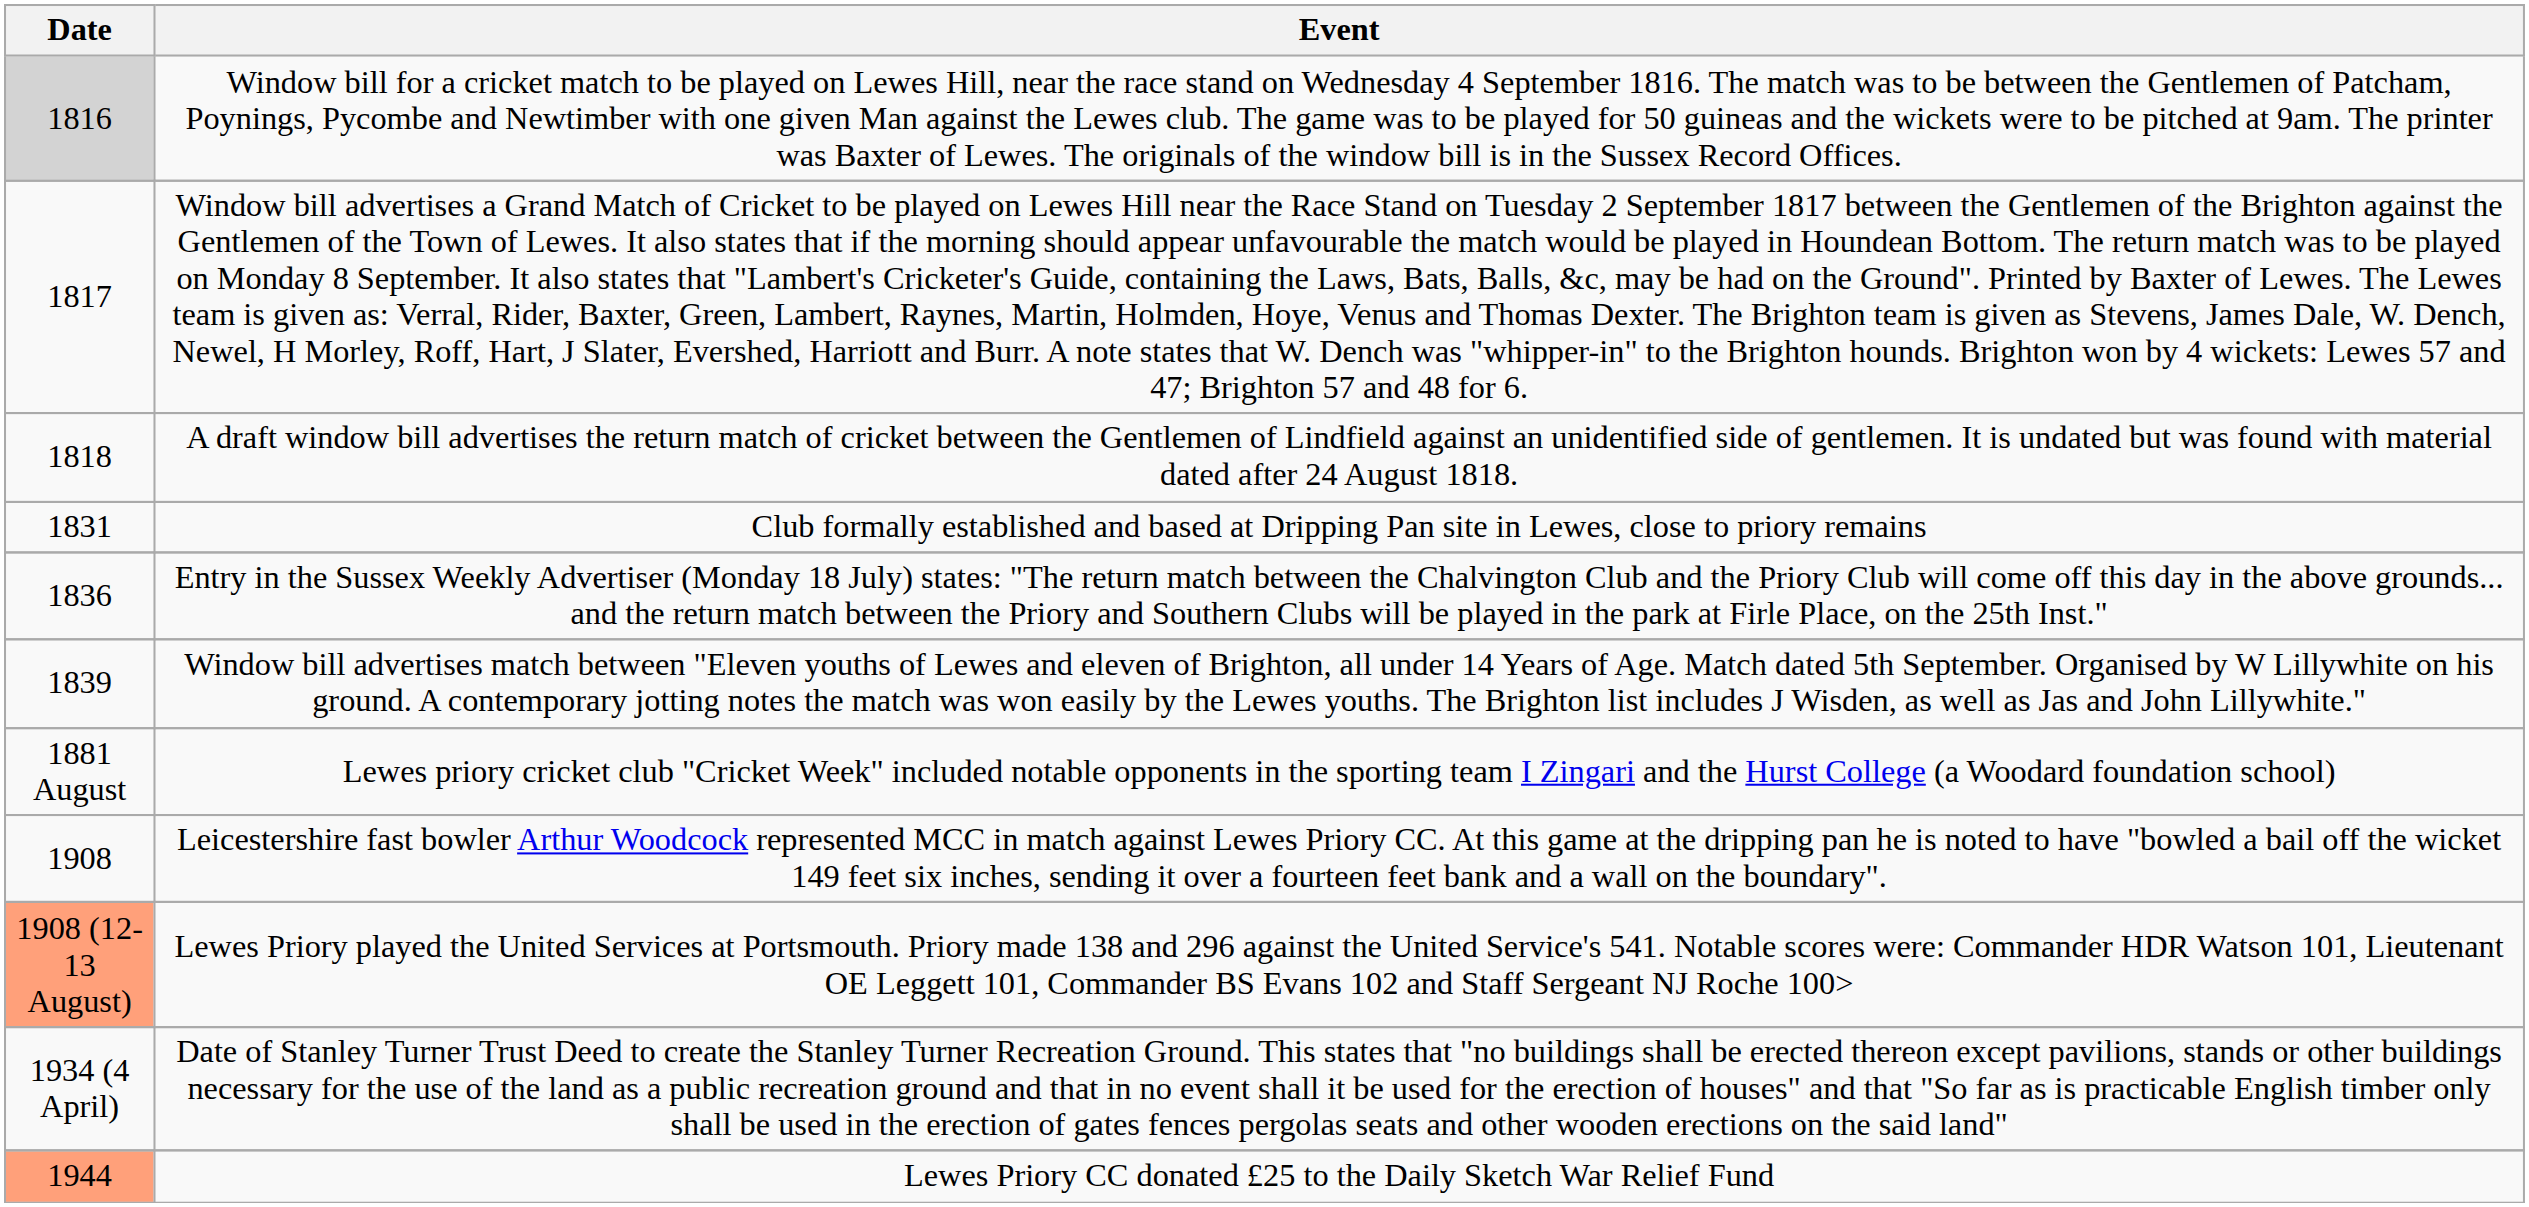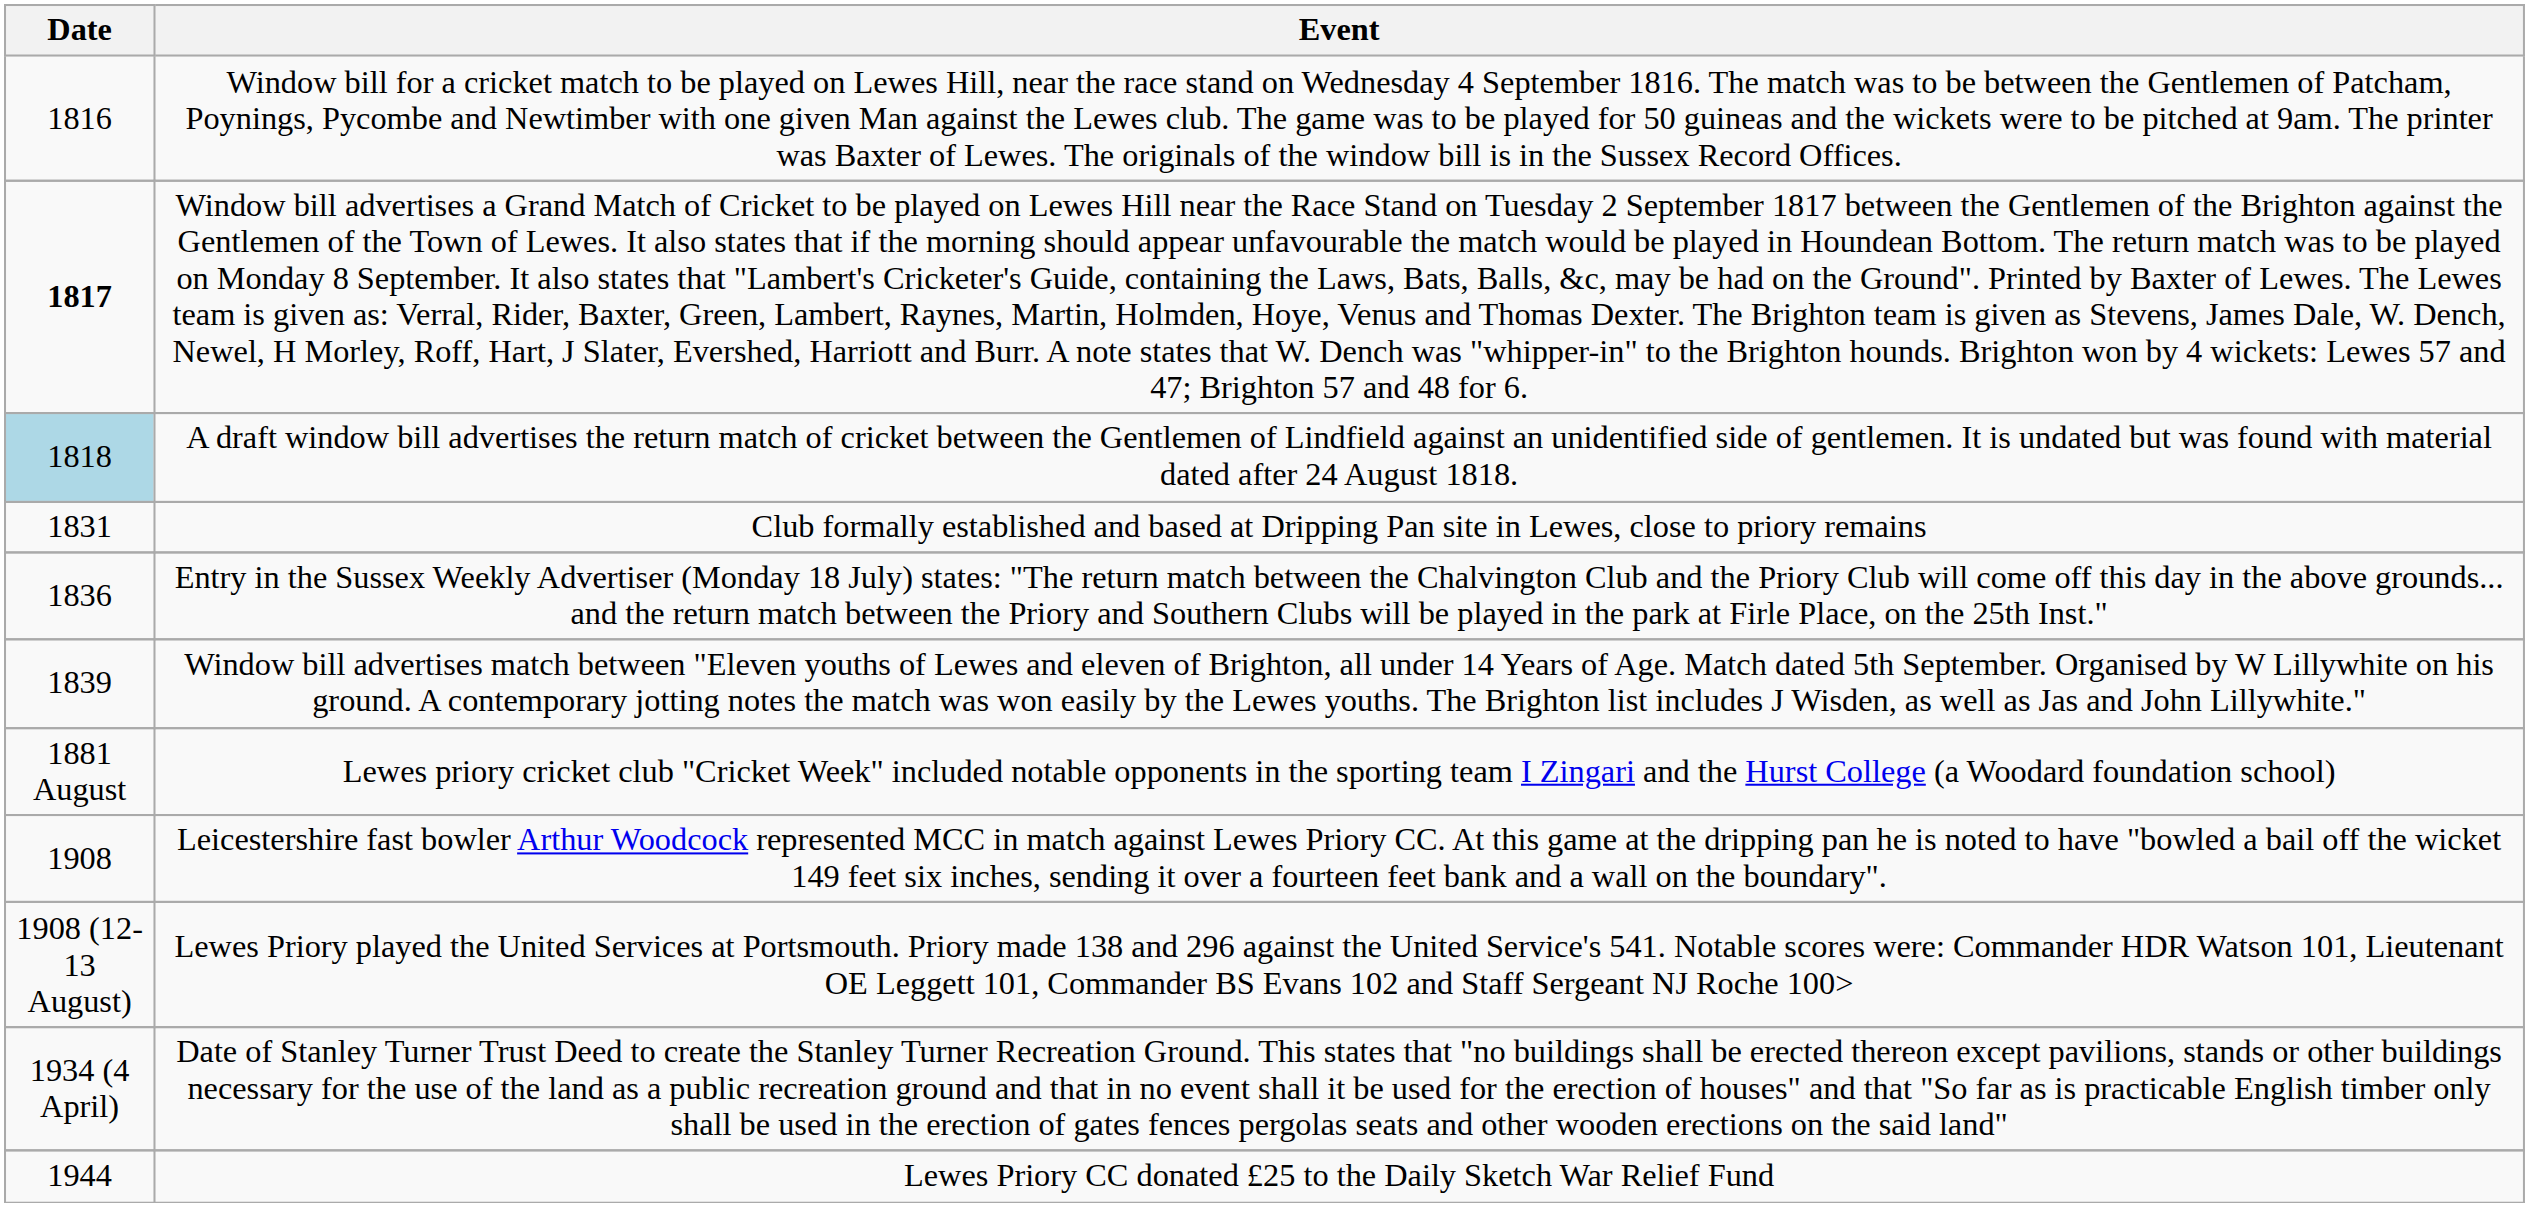 <table class="wikitable" style="text-align:center;">
 <tr>
 <th>Date</th>
 <th>Event</th>
 </tr>
 <tr>
-<td style="background: lightgrey;">1816</td>
+<td>1816</td>
 <td>Window bill for a cricket match to be played on Lewes Hill, near the race stand on Wednesday 4 September 1816.  The match was to be between the Gentlemen of Patcham, Poynings, Pycombe and Newtimber with one given Man against the Lewes club.  The game was to be played for 50 guineas and the wickets were to be pitched at 9am.  The printer was Baxter of Lewes.  The originals of the window bill is in the Sussex Record Offices.</td>
 </tr>
 <tr>
 </tr>
 <tr>
-<td>1817</td>
+<td><strong>1817</strong></td>
 <td>Window bill advertises a Grand Match of Cricket to be played on Lewes Hill near the Race Stand on Tuesday 2 September 1817 between the Gentlemen of the Brighton against the Gentlemen of the Town of Lewes.  It also states that if the morning should appear unfavourable the match would be played in Houndean Bottom.  The return match was to be played on Monday 8 September.  It also states that "Lambert's Cricketer's Guide, containing the Laws, Bats, Balls, &c, may be had on the Ground".  Printed by Baxter of Lewes.  The Lewes team is given as:  Verral, Rider, Baxter, Green, Lambert, Raynes, Martin, Holmden, Hoye, Venus and Thomas Dexter.  The Brighton team is given as Stevens, James Dale, W. Dench, Newel, H Morley, Roff, Hart, J Slater, Evershed, Harriott and Burr.  A note states that W. Dench was "whipper-in" to the Brighton hounds.  Brighton won by 4 wickets:  Lewes 57 and 47; Brighton 57 and 48 for 6.</td>
 </tr>
 <tr>
 </tr>
 <tr>
-<td>1818</td>
+<td style="background: lightblue;">1818</td>
 <td>A draft window bill advertises the return match of cricket between the Gentlemen of Lindfield against an unidentified side of gentlemen.  It is undated but was found with material dated after 24 August 1818.</td>
 </tr>
 <tr>
 </tr>
 <tr>
 <td>1831</td>
 <td>Club formally established and based at Dripping Pan site in Lewes, close to priory remains</td>
 </tr>
 <tr>
 </tr>
 <tr>
 <td>1836</td>
 <td>Entry in the Sussex Weekly Advertiser (Monday 18 July) states:  "The return match between the Chalvington Club and the Priory Club will come off this day in the above grounds... and the return match between the Priory and Southern Clubs will be played in the park at Firle Place, on the 25th Inst."</td>
 </tr>
 <tr>
 </tr>
 <tr>
 <td>1839</td>
 <td>Window bill advertises match between "Eleven youths of Lewes and eleven of Brighton, all under 14 Years of Age.  Match dated 5th September.  Organised by W Lillywhite on his ground.  A contemporary jotting notes the match was won easily by the Lewes youths.  The Brighton list includes J Wisden, as well as Jas and John Lillywhite."</td>
 </tr>
 <tr>
 </tr>
 <tr>
 <td>1881 August</td>
 <td>Lewes priory cricket club "Cricket Week" included notable opponents in the sporting team <a href='#'>I Zingari</a> and the <a href='#'>Hurst College</a> (a Woodard foundation school) </td>
 </tr>
 <tr>
 </tr>
 <tr>
 <td>1908</td>
 <td>Leicestershire fast bowler <a href='#'>Arthur Woodcock</a> represented MCC in match against Lewes Priory CC.  At this game at the dripping pan he is noted to have "bowled a bail off the wicket 149 feet six inches, sending it over a fourteen feet bank and a wall on the boundary".</td>
 </tr>
 <tr>
 </tr>
 <tr>
-<td style="background: lightsalmon;">1908 (12-13 August)</td>
+<td>1908 (12-13 August)</td>
 <td>Lewes Priory played the United Services at Portsmouth.  Priory made 138 and 296 against the United Service's 541.  Notable scores were:  Commander HDR Watson 101, Lieutenant OE Leggett 101, Commander BS Evans 102 and Staff Sergeant NJ Roche 100></td>
 </tr>
 <tr>
 </tr>
 <tr>
 <td>1934 (4 April)</td>
 <td>Date of Stanley Turner Trust Deed to create the Stanley Turner Recreation Ground.  This states that "no buildings shall be erected thereon except pavilions, stands or other buildings necessary for the use of the land as a public recreation ground and that in no event shall it be used for the erection of houses" and that "So far as is practicable English timber only shall be used in the erection of gates fences pergolas seats and other wooden erections on the said land"</td>
 </tr>
 <tr>
 </tr>
 <tr>
-<td style="background: lightsalmon;">1944</td>
+<td>1944</td>
 <td>Lewes Priory CC donated £25 to the Daily Sketch War Relief Fund </td>
 </tr>
 <tr>
 </tr>
 </table>
